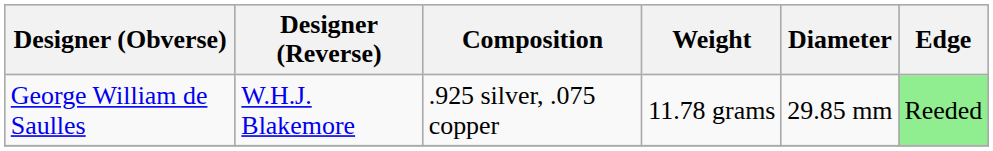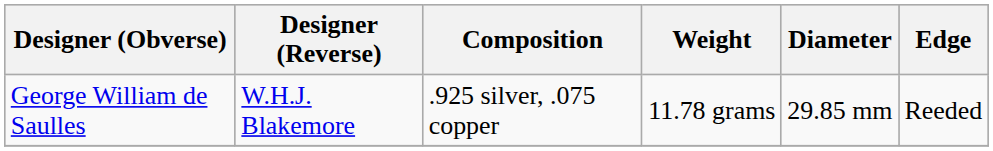 <table class="wikitable">
 <tr>
 <th>Designer (Obverse)</th>
 <th>Designer (Reverse)</th>
 <th>Composition</th>
 <th>Weight</th>
 <th>Diameter</th>
 <th>Edge</th>
 </tr>
 <tr>
 <td><a href='#'>George William de Saulles</a></td>
 <td><a href='#'>W.H.J. Blakemore</a></td>
 <td>.925 silver, .075 copper</td>
 <td>11.78 grams</td>
 <td>29.85 mm</td>
-<td style="background: lightgreen;">Reeded</td>
+<td>Reeded</td>
 </tr>
 <tr>
 </tr>
 </table>
